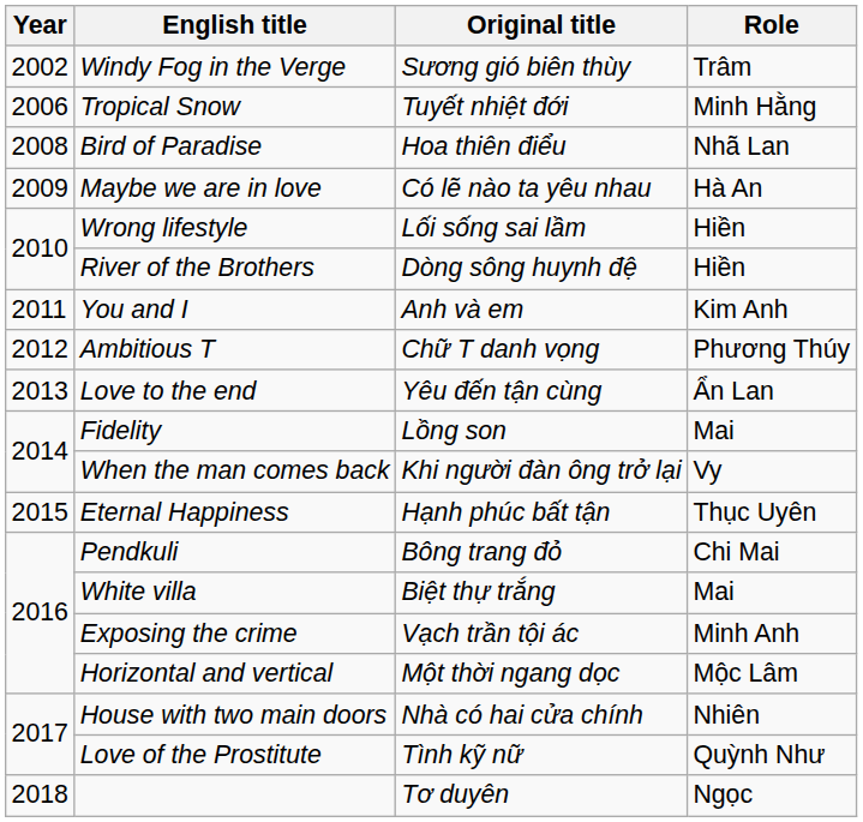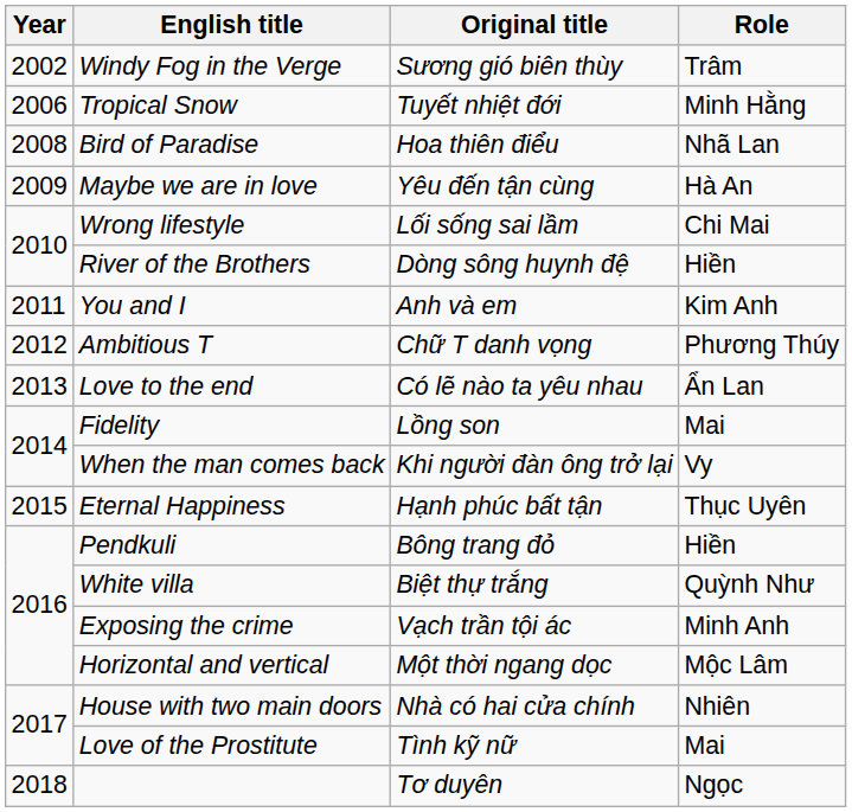 <table class="wikitable sortable">
 <tr>
 <th>Year</th>
 <th>English title</th>
 <th>Original title</th>
 <th>Role</th>
 </tr>
 <tr>
 <td>2002</td>
 <td><em>Windy Fog in the Verge</em></td>
 <td><em>Sương gió biên thùy</em></td>
 <td>Trâm</td>
 </tr>
 <tr>
 <td>2006</td>
 <td><em>Tropical Snow</em></td>
 <td><em>Tuyết nhiệt đới</em></td>
 <td>Minh Hằng</td>
 </tr>
 <tr>
 <td>2008</td>
 <td><em>Bird of Paradise</em></td>
 <td><em>Hoa thiên điểu</em></td>
 <td>Nhã Lan</td>
 </tr>
 <tr>
 <td>2009</td>
 <td><em>Maybe we are in love</em></td>
-<td><em>Có lẽ nào ta yêu nhau</em></td>
+<td><em>Yêu đến tận cùng</em></td>
 <td>Hà An</td>
 </tr>
 <tr>
 <td rowspan="2">2010</td>
 <td><em>Wrong lifestyle</em></td>
 <td><em>Lối sống sai lầm</em></td>
-<td>Hiền</td>
+<td>Chi Mai</td>
 </tr>
 <tr>
 <td><em>River of the Brothers</em></td>
 <td><em>Dòng sông huynh đệ</em></td>
 <td>Hiền</td>
 </tr>
 <tr>
 <td>2011</td>
 <td><em>You and I</em></td>
 <td><em>Anh và em</em></td>
 <td>Kim Anh</td>
 </tr>
 <tr>
 <td>2012</td>
 <td><em>Ambitious T </em></td>
 <td><em>Chữ T danh vọng</em></td>
 <td>Phương Thúy</td>
 </tr>
 <tr>
 <td>2013</td>
 <td><em>Love to the end</em></td>
-<td><em>Yêu đến tận cùng</em></td>
+<td><em>Có lẽ nào ta yêu nhau</em></td>
 <td>Ẩn Lan</td>
 </tr>
 <tr>
 <td rowspan="2">2014</td>
 <td><em>Fidelity</em></td>
 <td><em>Lồng son</em></td>
 <td>Mai</td>
 </tr>
 <tr>
 <td><em>When the man comes back</em></td>
 <td><em>Khi người đàn ông trở lại</em></td>
 <td>Vy</td>
 </tr>
 <tr>
 <td>2015</td>
 <td><em>Eternal Happiness</em></td>
 <td><em>Hạnh phúc bất tận</em></td>
 <td>Thục Uyên</td>
 </tr>
 <tr>
 <td rowspan="4">2016</td>
 <td><em>Pendkuli</em></td>
 <td><em>Bông trang đỏ</em></td>
-<td>Chi Mai</td>
+<td>Hiền</td>
 </tr>
 <tr>
 <td><em>White villa</em></td>
 <td><em>Biệt thự trắng</em></td>
-<td>Mai</td>
+<td>Quỳnh Như</td>
 </tr>
 <tr>
 <td><em>Exposing the crime</em></td>
 <td><em>Vạch trần tội ác</em></td>
 <td>Minh Anh</td>
 </tr>
 <tr>
 <td><em>Horizontal and vertical</em></td>
 <td><em>Một thời ngang dọc</em></td>
 <td>Mộc Lâm</td>
 </tr>
 <tr>
 <td rowspan="2">2017</td>
 <td><em>House with two main doors</em></td>
 <td><em>Nhà có hai cửa chính</em></td>
 <td>Nhiên</td>
 </tr>
 <tr>
 <td><em>Love of the Prostitute</em></td>
 <td><em>Tình kỹ nữ</em></td>
-<td>Quỳnh Như</td>
+<td>Mai</td>
 </tr>
 <tr>
 <td>2018</td>
 <td></td>
 <td><em>Tơ duyên</em></td>
 <td>Ngọc</td>
 </tr>
 </table>
